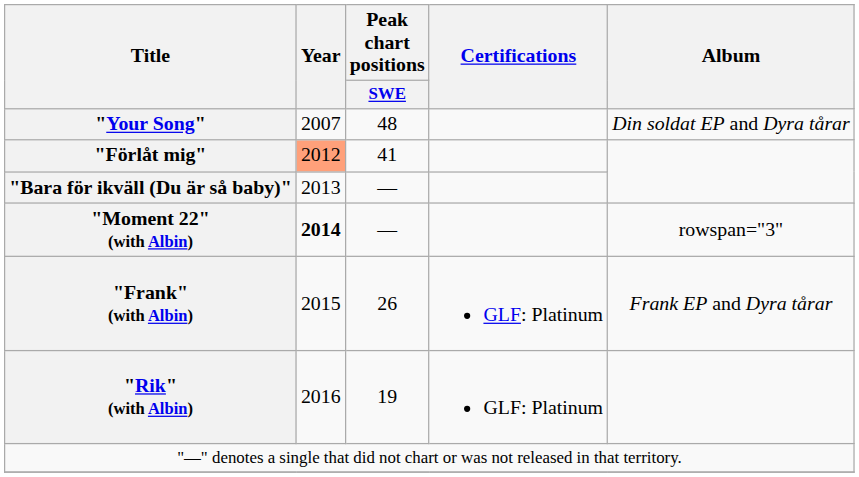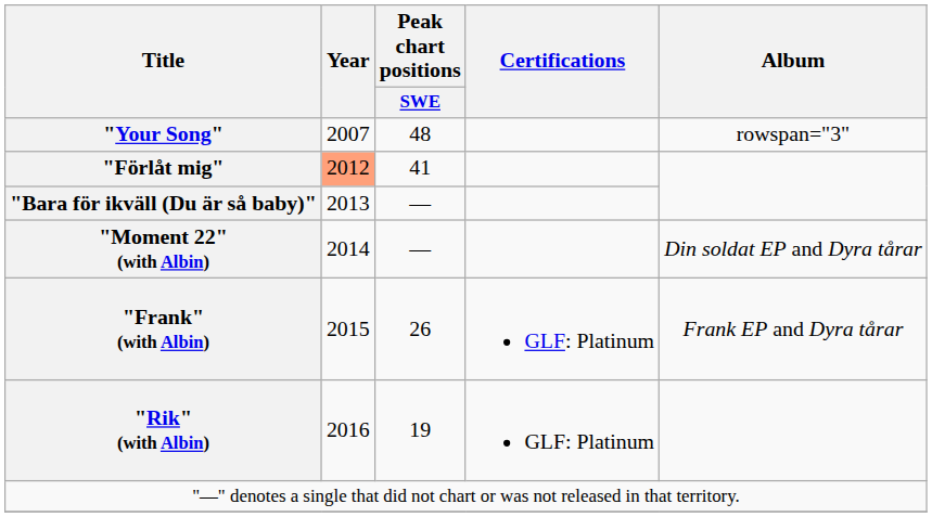 <table class="wikitable plainrowheaders" style="text-align:center;">
 <tr>
 <th scope="col" rowspan="2">Title</th>
 <th scope="col" rowspan="2">Year</th>
 <th scope="col" colspan="1">Peak chart positions</th>
 <th scope="col" rowspan="2"><a href='#'>Certifications</a></th>
 <th scope="col" rowspan="2">Album</th>
 </tr>
 <tr>
 <th scope="col" style="width:3em;font-size:85%;"><a href='#'>SWE</a></th>
 </tr>
 <tr>
 <th scope="row">"<a href='#'>Your Song</a>"</th>
 <td>2007</td>
 <td>48</td>
 <td></td>
-<td><em>Din soldat EP</em> and <em>Dyra tårar</em></td>
+<td>rowspan="3" </td>
 </tr>
 <tr>
 <th scope="row">"Förlåt mig"</th>
 <td style="background: lightsalmon;">2012</td>
 <td>41</td>
 <td></td>
 </tr>
 <tr>
 <th scope="row">"Bara för ikväll (Du är så baby)"</th>
 <td>2013</td>
 <td>—</td>
 <td></td>
 </tr>
 <tr>
 <th scope="row">"Moment 22" <br><small>(with <a href='#'>Albin</a>)</small></th>
-<td><strong>2014</strong></td>
+<td>2014</td>
 <td>—</td>
 <td></td>
-<td>rowspan="3" </td>
+<td><em>Din soldat EP</em> and <em>Dyra tårar</em></td>
 </tr>
 <tr>
 <th scope="row">"Frank" <br><small>(with <a href='#'>Albin</a>)</small></th>
 <td>2015</td>
 <td>26</td>
 <td><br><ul><li><a href='#'>GLF</a>: Platinum</li></ul></td>
 <td><em>Frank EP</em> and <em>Dyra tårar</em></td>
 </tr>
 <tr>
 <th scope="row">"<a href='#'>Rik</a>" <br><small>(with <a href='#'>Albin</a>)</small></th>
 <td>2016</td>
 <td>19</td>
 <td><br><ul><li>GLF: Platinum</li></ul></td>
 <td></td>
 </tr>
 <tr>
 <td colspan="10" style="font-size:85%">"—" denotes a single that did not chart or was not released in that territory.</td>
 </tr>
 <tr>
 </tr>
 </table>
